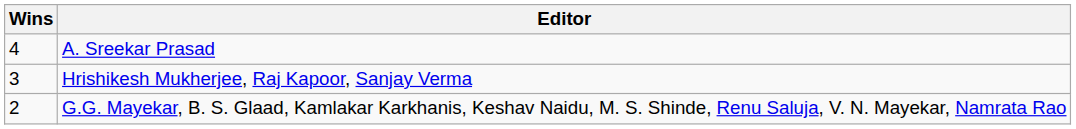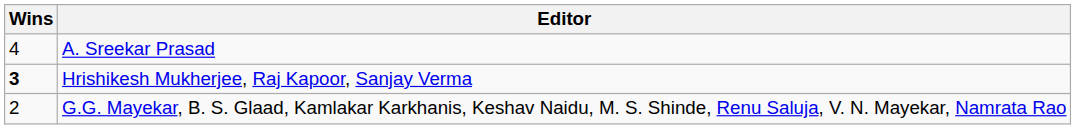 <table class="wikitable">
 <tr>
 <th>Wins</th>
 <th>Editor</th>
 </tr>
 <tr>
 <td>4</td>
 <td><a href='#'>A. Sreekar Prasad</a></td>
 </tr>
 <tr>
-<td>3</td>
+<td><strong>3</strong></td>
 <td><a href='#'>Hrishikesh Mukherjee</a>, <a href='#'>Raj Kapoor</a>, <a href='#'>Sanjay Verma</a></td>
 </tr>
 <tr>
 <td>2</td>
 <td><a href='#'>G.G. Mayekar</a>, B. S. Glaad, Kamlakar Karkhanis, Keshav Naidu, M. S. Shinde, <a href='#'>Renu Saluja</a>, V. N. Mayekar, <a href='#'>Namrata Rao</a></td>
 </tr>
 </table>
